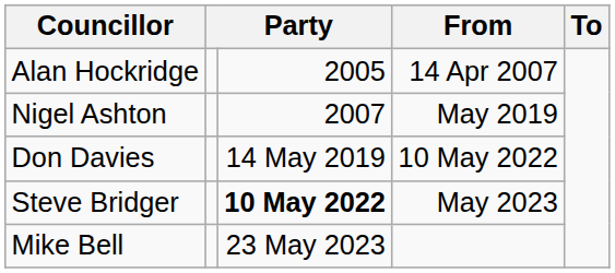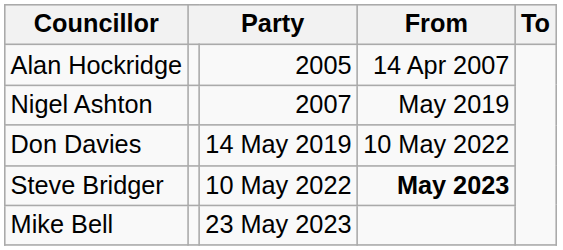 <table class=wikitable>
 <tr>
 <th>Councillor</th>
 <th colspan=2>Party</th>
 <th>From</th>
 <th>To</th>
 </tr>
 <tr>
 <td>Alan Hockridge</td>
 <td></td>
 <td align=right>2005</td>
 <td align=right>14 Apr 2007</td>
 </tr>
 <tr>
 <td>Nigel Ashton</td>
 <td></td>
 <td align=right>2007</td>
 <td align=right>May 2019</td>
 </tr>
 <tr>
 <td>Don Davies</td>
 <td></td>
 <td align=right>14 May 2019</td>
 <td align=right>10 May 2022</td>
 </tr>
 <tr>
 <td>Steve Bridger</td>
 <td></td>
-<td align=right><strong>10 May 2022</strong></td>
-<td align=right>May 2023</td>
+<td align=right>10 May 2022</td>
+<td align=right><strong>May 2023</strong></td>
 </tr>
 <tr>
 <td>Mike Bell</td>
 <td></td>
 <td align=right>23 May 2023</td>
 <td align=right></td>
 </tr>
 </table>
